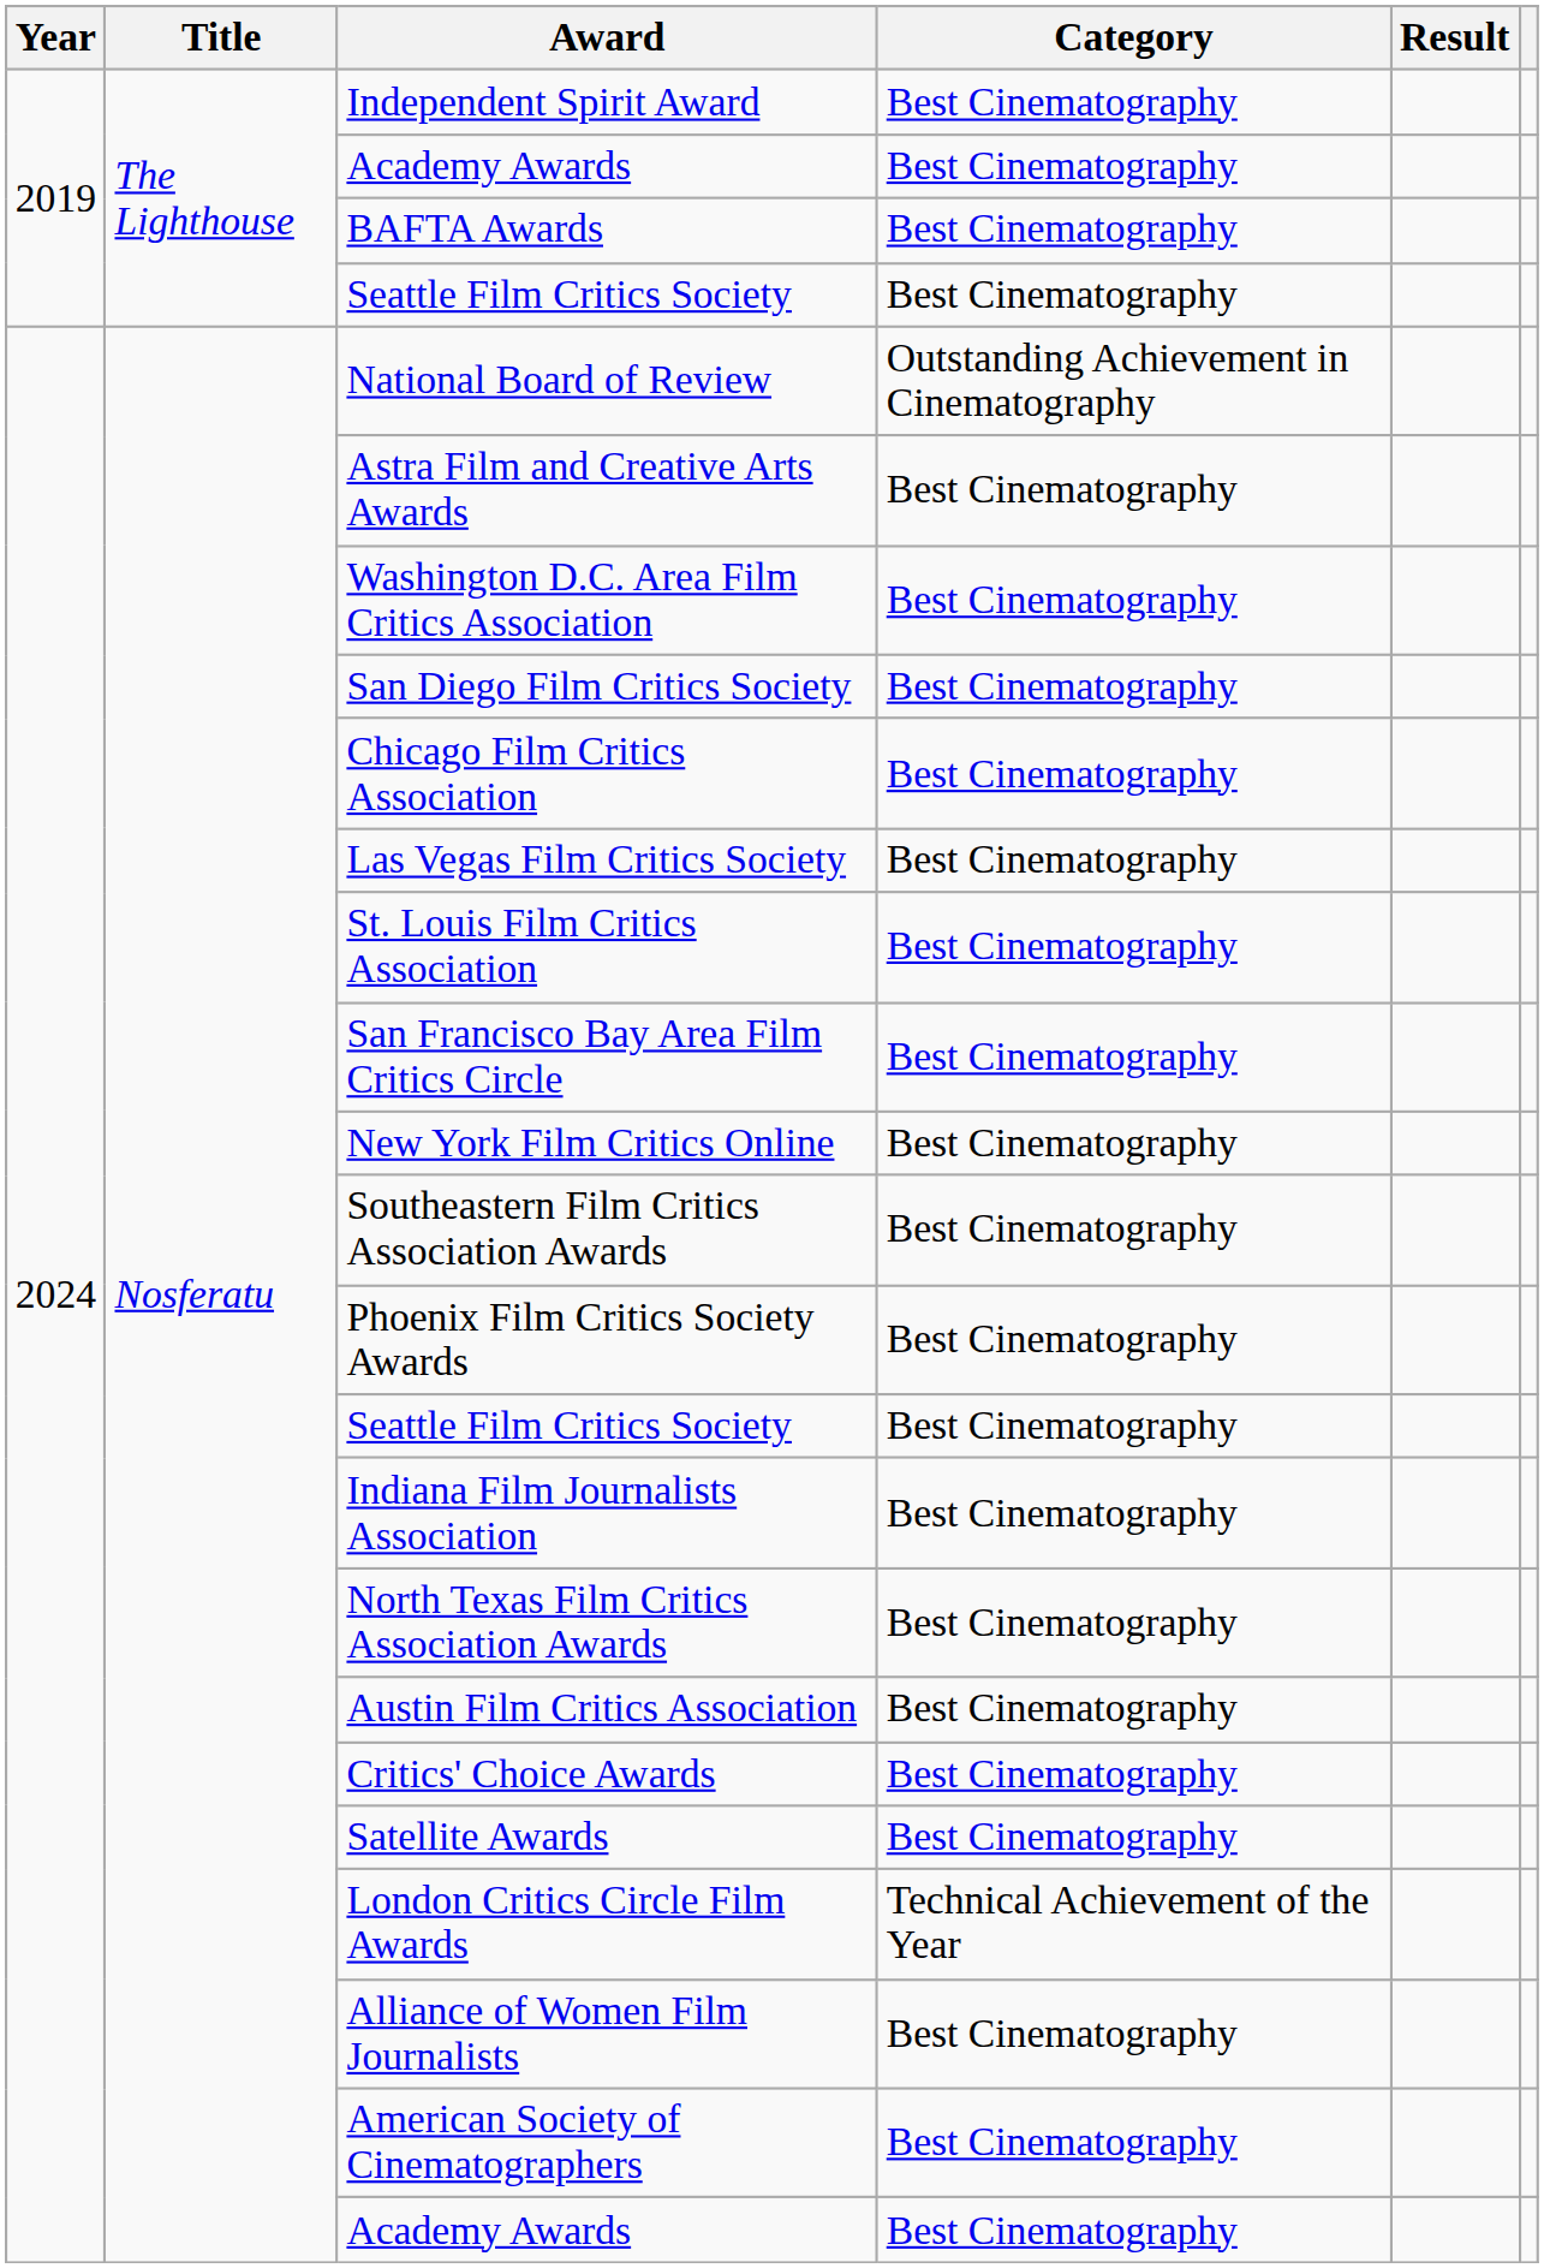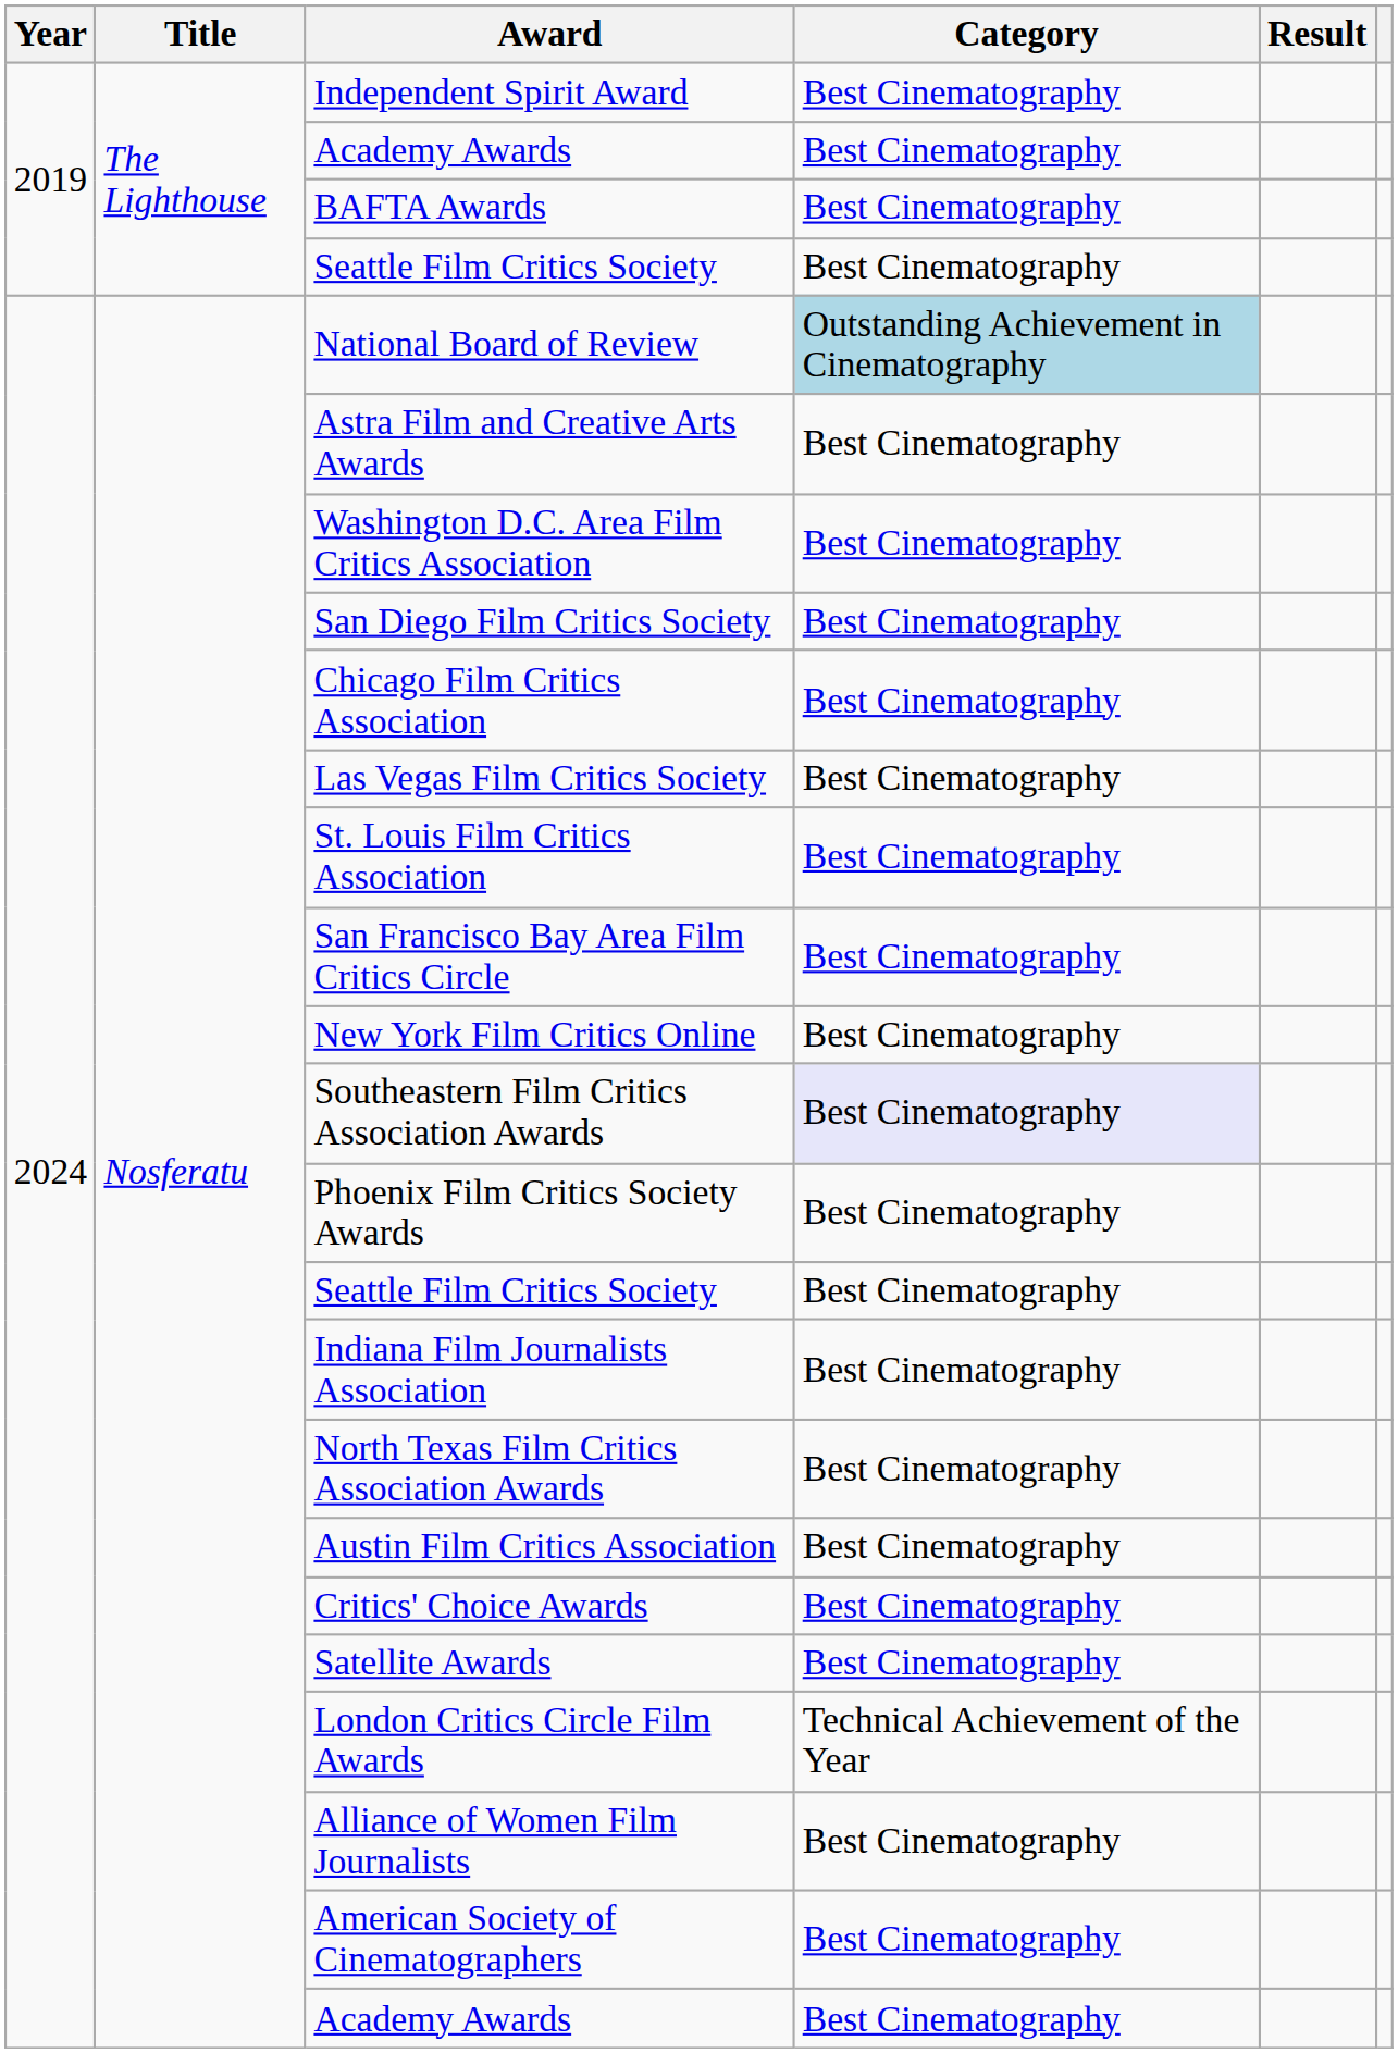 <table class="wikitable sortable">
 <tr>
 <th>Year</th>
 <th>Title</th>
 <th>Award</th>
 <th>Category</th>
 <th>Result</th>
 <th></th>
 </tr>
 <tr>
 <td rowspan="4">2019</td>
 <td rowspan="4" data-sort-value="Lighthouse, The"><em><a href='#'>The Lighthouse</a></em></td>
 <td><a href='#'>Independent Spirit Award</a></td>
 <td><a href='#'>Best Cinematography</a></td>
 <td></td>
 <td></td>
 </tr>
 <tr>
 <td><a href='#'>Academy Awards</a></td>
 <td><a href='#'>Best Cinematography</a></td>
 <td></td>
 <td></td>
 </tr>
 <tr>
 <td><a href='#'>BAFTA Awards</a></td>
 <td><a href='#'>Best Cinematography</a></td>
 <td></td>
 <td></td>
 </tr>
 <tr>
 <td><a href='#'>Seattle Film Critics Society</a></td>
 <td>Best Cinematography</td>
 <td></td>
 <td></td>
 </tr>
 <tr>
 <td rowspan="21">2024</td>
 <td rowspan="21"><em><a href='#'>Nosferatu</a></em></td>
 <td><a href='#'>National Board of Review</a></td>
-<td>Outstanding Achievement in Cinematography</td>
+<td style="background: lightblue;">Outstanding Achievement in Cinematography</td>
 <td></td>
 <td></td>
 </tr>
 <tr>
 <td><a href='#'>Astra Film and Creative Arts Awards</a></td>
 <td>Best Cinematography</td>
 <td></td>
 <td></td>
 </tr>
 <tr>
 <td><a href='#'>Washington D.C. Area Film Critics Association</a></td>
 <td><a href='#'>Best Cinematography</a></td>
 <td></td>
 <td></td>
 </tr>
 <tr>
 <td><a href='#'>San Diego Film Critics Society</a></td>
 <td><a href='#'>Best Cinematography</a></td>
 <td></td>
 <td></td>
 </tr>
 <tr>
 <td><a href='#'>Chicago Film Critics Association</a></td>
 <td><a href='#'>Best Cinematography</a></td>
 <td></td>
 <td></td>
 </tr>
 <tr>
 <td><a href='#'>Las Vegas Film Critics Society</a></td>
 <td>Best Cinematography</td>
 <td></td>
 <td></td>
 </tr>
 <tr>
 <td><a href='#'>St. Louis Film Critics Association</a></td>
 <td><a href='#'>Best Cinematography</a></td>
 <td></td>
 <td></td>
 </tr>
 <tr>
 <td><a href='#'>San Francisco Bay Area Film Critics Circle</a></td>
 <td><a href='#'>Best Cinematography</a></td>
 <td></td>
 <td></td>
 </tr>
 <tr>
 <td><a href='#'>New York Film Critics Online</a></td>
 <td>Best Cinematography</td>
 <td></td>
 <td></td>
 </tr>
 <tr>
 <td>Southeastern Film Critics Association Awards</td>
-<td>Best Cinematography</td>
+<td style="background: lavender;">Best Cinematography</td>
 <td></td>
 <td></td>
 </tr>
 <tr>
 <td>Phoenix Film Critics Society Awards</td>
 <td>Best Cinematography</td>
 <td></td>
 <td></td>
 </tr>
 <tr>
 <td><a href='#'>Seattle Film Critics Society</a></td>
 <td>Best Cinematography</td>
 <td></td>
 <td></td>
 </tr>
 <tr>
 <td><a href='#'>Indiana Film Journalists Association</a></td>
 <td>Best Cinematography</td>
 <td></td>
 <td></td>
 </tr>
 <tr>
 <td><a href='#'>North Texas Film Critics Association Awards</a></td>
 <td>Best Cinematography</td>
 <td></td>
 <td></td>
 </tr>
 <tr>
 <td><a href='#'>Austin Film Critics Association</a></td>
 <td>Best Cinematography</td>
 <td></td>
 <td></td>
 </tr>
 <tr>
 <td><a href='#'>Critics' Choice Awards</a></td>
 <td><a href='#'>Best Cinematography</a></td>
 <td></td>
 <td></td>
 </tr>
 <tr>
 <td><a href='#'>Satellite Awards</a></td>
 <td><a href='#'>Best Cinematography</a></td>
 <td></td>
 <td></td>
 </tr>
 <tr>
 <td><a href='#'>London Critics Circle Film Awards</a></td>
 <td>Technical Achievement of the Year</td>
 <td></td>
 <td></td>
 </tr>
 <tr>
 <td><a href='#'>Alliance of Women Film Journalists</a></td>
 <td>Best Cinematography</td>
 <td></td>
 <td></td>
 </tr>
 <tr>
 <td><a href='#'>American Society of Cinematographers</a></td>
 <td><a href='#'>Best Cinematography</a></td>
 <td></td>
 <td></td>
 </tr>
 <tr>
 <td><a href='#'>Academy Awards</a></td>
 <td><a href='#'>Best Cinematography</a></td>
 <td></td>
 <td></td>
 </tr>
 </table>
